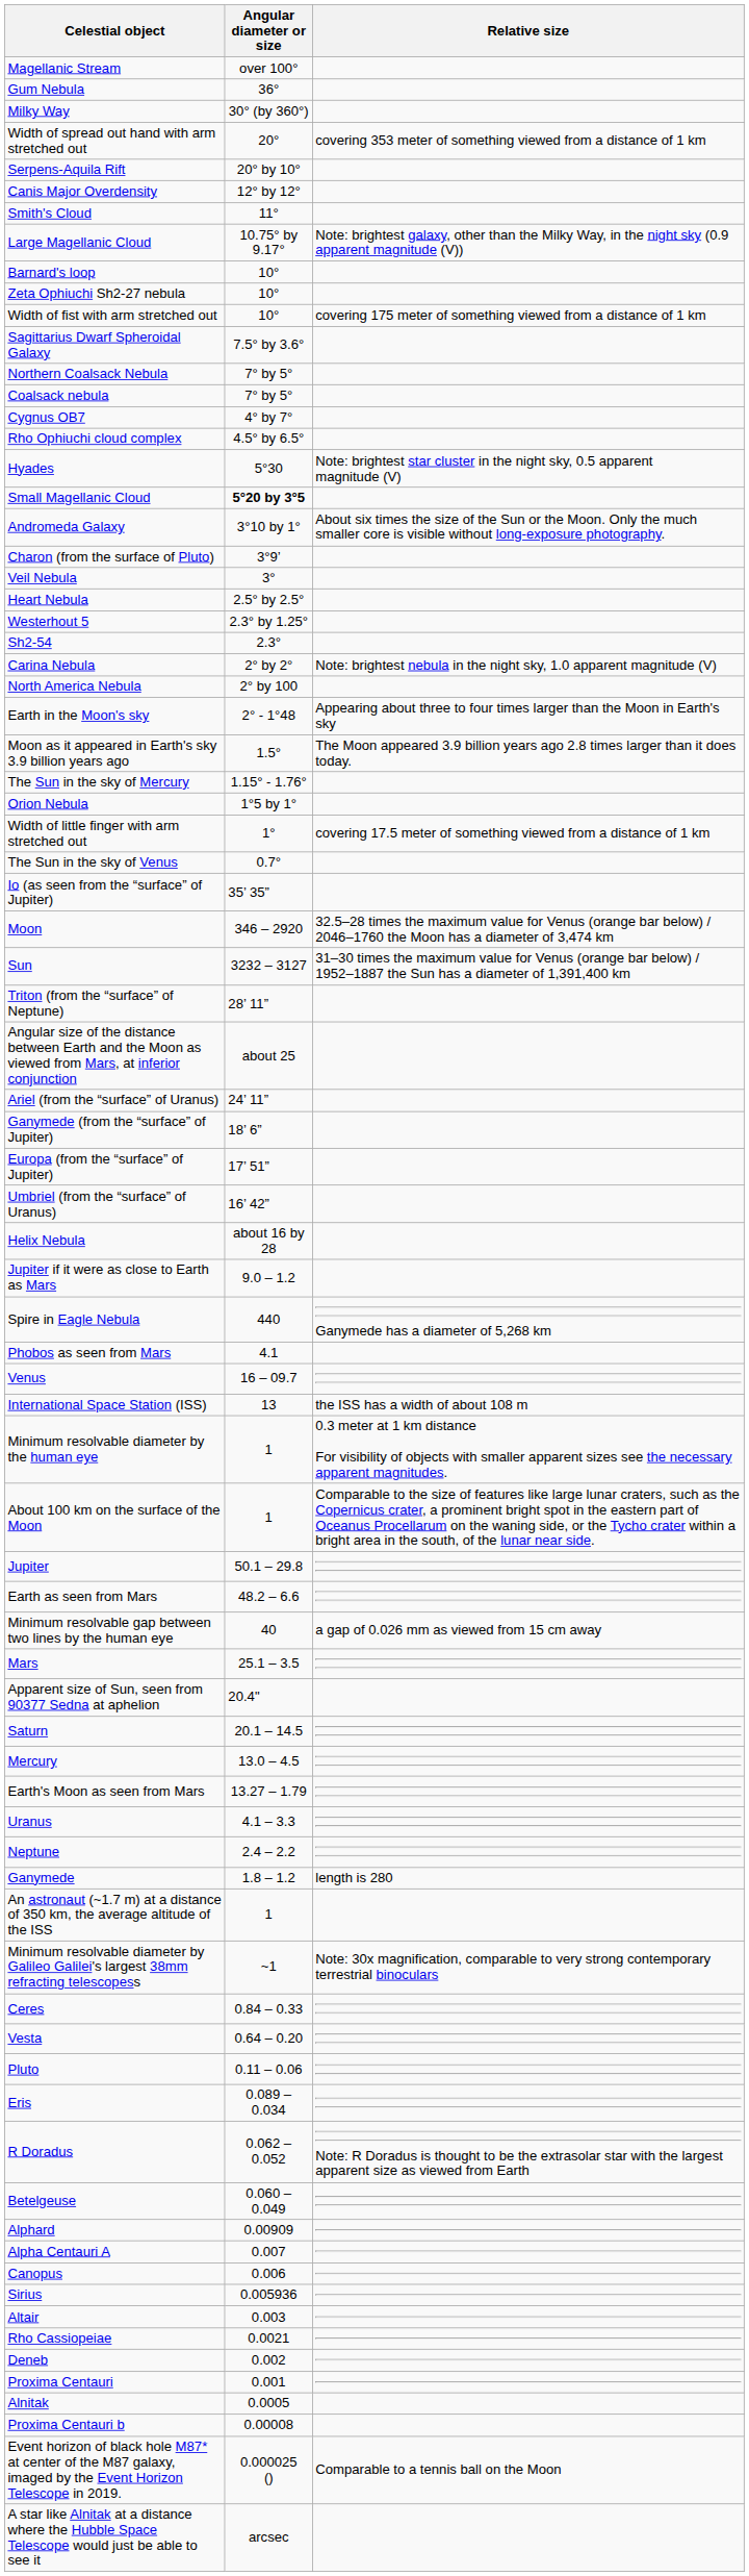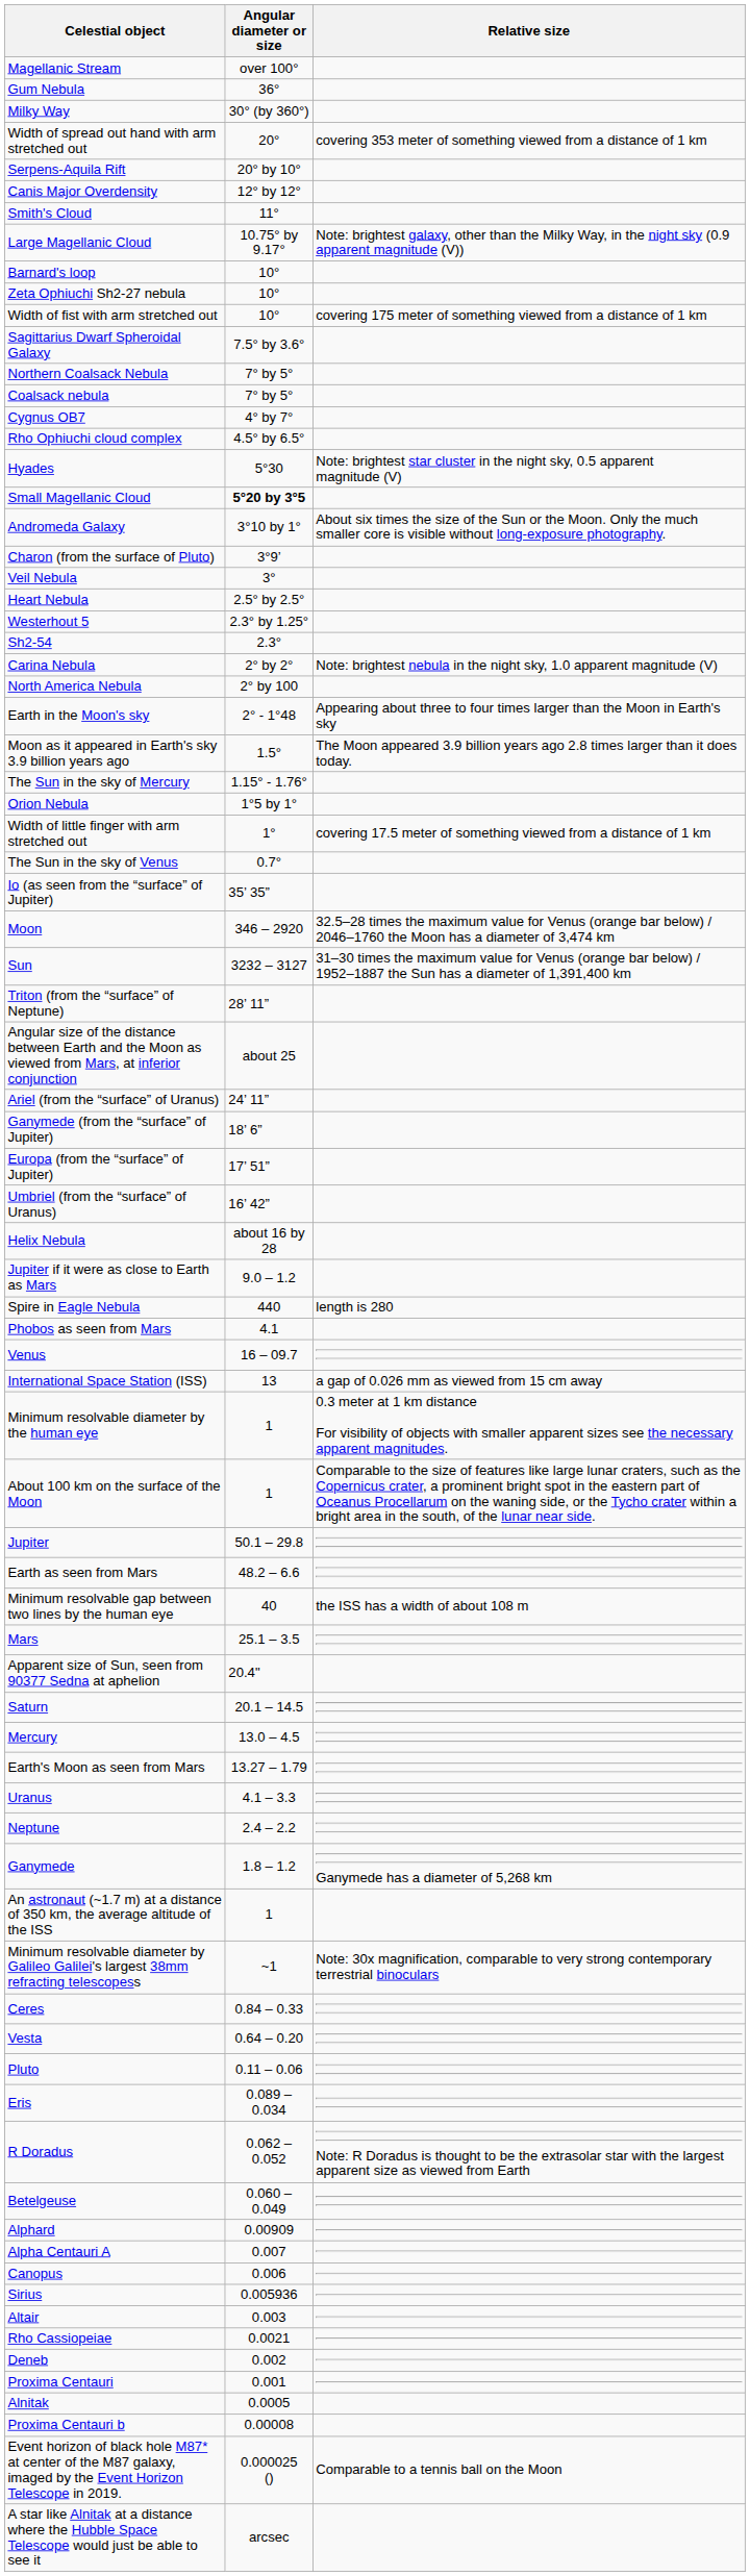 <table class="wikitable">
 <tr>
 <th>Celestial object</th>
 <th>Angular diameter or size</th>
 <th align="left">Relative size</th>
 </tr>
 <tr>
 <td><a href='#'>Magellanic Stream</a></td>
 <td align="center">over 100°</td>
 <td></td>
 </tr>
 <tr>
 <td><a href='#'>Gum Nebula</a></td>
 <td align="center">36°</td>
 <td></td>
 </tr>
 <tr>
 <td><a href='#'>Milky Way</a></td>
 <td align="center">30° (by 360°)</td>
 <td></td>
 </tr>
 <tr>
 <td>Width of spread out hand with arm stretched out</td>
 <td align="center">20°</td>
 <td>covering 353 meter of something viewed from a distance of 1 km</td>
 </tr>
 <tr>
 <td><a href='#'>Serpens-Aquila Rift</a></td>
 <td align="center">20° by 10°</td>
 <td></td>
 </tr>
 <tr>
 <td><a href='#'>Canis Major Overdensity</a></td>
 <td align="center">12° by 12°</td>
 <td></td>
 </tr>
 <tr>
 <td><a href='#'>Smith's Cloud</a></td>
 <td align="center">11°</td>
 <td></td>
 </tr>
 <tr>
 <td><a href='#'>Large Magellanic Cloud</a></td>
 <td align="center">10.75° by 9.17°</td>
 <td>Note: brightest <a href='#'>galaxy</a>, other than the Milky Way, in the <a href='#'>night sky</a> (0.9 <a href='#'>apparent magnitude</a> (V))</td>
 </tr>
 <tr>
 <td><a href='#'>Barnard's loop</a></td>
 <td align="center">10°</td>
 <td></td>
 </tr>
 <tr>
 <td><a href='#'>Zeta Ophiuchi</a> Sh2-27 nebula</td>
 <td align="center">10°</td>
 <td></td>
 </tr>
 <tr>
 <td>Width of fist with arm stretched out</td>
 <td align="center">10°</td>
 <td>covering 175 meter of something viewed from a distance of 1 km</td>
 </tr>
 <tr>
 <td><a href='#'>Sagittarius Dwarf Spheroidal Galaxy</a></td>
 <td align="center">7.5° by 3.6°</td>
 <td></td>
 </tr>
 <tr>
 <td><a href='#'>Northern Coalsack Nebula</a></td>
 <td align="center">7° by 5°</td>
 <td></td>
 </tr>
 <tr>
 <td><a href='#'>Coalsack nebula</a></td>
 <td align="center">7° by 5°</td>
 <td></td>
 </tr>
 <tr>
 <td><a href='#'>Cygnus OB7</a></td>
 <td align="center">4° by 7°</td>
 <td></td>
 </tr>
 <tr>
 <td><a href='#'>Rho Ophiuchi cloud complex</a></td>
 <td align="center">4.5° by 6.5°</td>
 <td></td>
 </tr>
 <tr>
 <td><a href='#'>Hyades</a></td>
 <td align="center">5°30</td>
 <td>Note: brightest <a href='#'>star cluster</a> in the night sky, 0.5 apparent magnitude (V)</td>
 </tr>
 <tr>
 <td><a href='#'>Small Magellanic Cloud</a></td>
 <td align="center"><strong>5°20 by 3°5</strong></td>
 <td></td>
 </tr>
 <tr>
 <td><a href='#'>Andromeda Galaxy</a></td>
 <td align="center">3°10 by 1°</td>
 <td>About six times the size of the Sun or the Moon. Only the much smaller core is visible without <a href='#'>long-exposure photography</a>.</td>
 </tr>
 <tr>
 <td><a href='#'>Charon</a> (from the surface of <a href='#'>Pluto</a>)</td>
 <td align="center">3°9’</td>
 <td></td>
 </tr>
 <tr>
 <td><a href='#'>Veil Nebula</a></td>
 <td align="center">3°</td>
 <td></td>
 </tr>
 <tr>
 <td><a href='#'>Heart Nebula</a></td>
 <td align="center">2.5° by 2.5°</td>
 <td></td>
 </tr>
 <tr>
 <td><a href='#'>Westerhout 5</a></td>
 <td align="center">2.3° by 1.25°</td>
 <td></td>
 </tr>
 <tr>
 <td><a href='#'>Sh2-54</a></td>
 <td align="center">2.3°</td>
 <td></td>
 </tr>
 <tr>
 <td><a href='#'>Carina Nebula</a></td>
 <td align="center">2° by 2°</td>
 <td>Note: brightest <a href='#'>nebula</a> in the night sky, 1.0 apparent magnitude (V)</td>
 </tr>
 <tr>
 <td><a href='#'>North America Nebula</a></td>
 <td align="center">2° by 100</td>
 <td></td>
 </tr>
 <tr>
 <td>Earth in the <a href='#'>Moon's sky</a></td>
 <td align="center">2° - 1°48</td>
 <td>Appearing about three to four times larger than the Moon in Earth's sky</td>
 </tr>
 <tr>
 <td>Moon as it appeared in Earth's sky 3.9 billion years ago</td>
 <td align="center">1.5°</td>
 <td>The Moon appeared 3.9 billion years ago 2.8 times larger than it does today.</td>
 </tr>
 <tr>
 <td>The <a href='#'>Sun</a> in the sky of <a href='#'>Mercury</a></td>
 <td align="center">1.15° - 1.76°</td>
 <td></td>
 </tr>
 <tr>
 <td><a href='#'>Orion Nebula</a></td>
 <td align="center">1°5 by 1°</td>
 <td></td>
 </tr>
 <tr>
 <td>Width of little finger with arm stretched out</td>
 <td align="center">1°</td>
 <td>covering 17.5 meter of something viewed from a distance of 1 km</td>
 </tr>
 <tr>
 <td>The Sun in the sky of <a href='#'>Venus</a></td>
 <td align="center">0.7°</td>
 <td></td>
 </tr>
 <tr>
 <td><a href='#'>Io</a> (as seen from the “surface” of Jupiter)</td>
 <td>35’ 35”</td>
 <td></td>
 </tr>
 <tr>
 <td><a href='#'>Moon</a></td>
 <td align="center">346 – 2920</td>
 <td>32.5–28 times the maximum value for Venus (orange bar below) / 2046–1760 the Moon has a diameter of 3,474 km</td>
 </tr>
 <tr>
 <td><a href='#'>Sun</a></td>
 <td align="center">3232 – 3127</td>
 <td>31–30 times the maximum value for Venus (orange bar below) / 1952–1887 the Sun has a diameter of 1,391,400 km</td>
 </tr>
 <tr>
 <td><a href='#'>Triton</a> (from the “surface” of Neptune)</td>
 <td>28’ 11”</td>
 <td></td>
 </tr>
 <tr>
 <td>Angular size of the distance between Earth and the Moon as viewed from <a href='#'>Mars</a>, at <a href='#'>inferior conjunction</a></td>
 <td align="center">about 25</td>
 <td></td>
 </tr>
 <tr>
 <td><a href='#'>Ariel</a> (from the “surface” of Uranus)</td>
 <td>24’  11”</td>
 <td></td>
 </tr>
 <tr>
 <td><a href='#'>Ganymede</a> (from the “surface” of Jupiter)</td>
 <td>18’ 6”</td>
 <td></td>
 </tr>
 <tr>
 <td><a href='#'>Europa</a> (from the “surface” of Jupiter)</td>
 <td>17’ 51”</td>
 <td></td>
 </tr>
 <tr>
 <td><a href='#'>Umbriel</a> (from the “surface” of Uranus)</td>
 <td>16’ 42”</td>
 <td></td>
 </tr>
 <tr>
 <td><a href='#'>Helix Nebula</a></td>
 <td align="center">about 16 by 28</td>
 <td></td>
 </tr>
 <tr>
 <td><a href='#'>Jupiter</a> if it were as close to Earth as <a href='#'>Mars</a></td>
 <td align="center">9.0 – 1.2</td>
 <td></td>
 </tr>
 <tr>
 <td>Spire in <a href='#'>Eagle Nebula</a></td>
 <td align="center">440</td>
-<td><hr><hr> Ganymede has a diameter of 5,268 km</td>
+<td>length is 280</td>
 </tr>
 <tr>
 <td><a href='#'>Phobos</a> as seen from <a href='#'>Mars</a></td>
 <td align="center">4.1</td>
 <td></td>
 </tr>
 <tr>
 <td><a href='#'>Venus</a></td>
 <td align="center">16 – 09.7</td>
 <td><hr><hr></td>
 </tr>
 <tr>
 <td><a href='#'>International Space Station</a> (ISS)</td>
 <td align="center">13</td>
-<td> the ISS has a width of about 108 m</td>
+<td>a gap of 0.026 mm as viewed from 15 cm away</td>
 </tr>
 <tr>
 <td>Minimum resolvable diameter by the <a href='#'>human eye</a></td>
 <td align="center">1</td>
 <td> 0.3 meter at 1 km distance<br><br> For visibility of objects with smaller apparent sizes see <a href='#'>the necessary apparent magnitudes</a>.</td>
 </tr>
 <tr>
 <td>About 100 km on the surface of the <a href='#'>Moon</a></td>
 <td align="center">1</td>
 <td>Comparable to the size of features like large lunar craters, such as the <a href='#'>Copernicus crater</a>, a prominent bright spot in the eastern part of <a href='#'>Oceanus Procellarum</a> on the waning side, or the <a href='#'>Tycho crater</a> within a bright area in the south, of the <a href='#'>lunar near side</a>.</td>
 </tr>
 <tr>
 <td><a href='#'>Jupiter</a></td>
 <td align="center">50.1 – 29.8</td>
 <td><hr><hr></td>
 </tr>
 <tr>
 <td>Earth as seen from Mars</td>
 <td align="center">48.2 – 6.6</td>
 <td><hr><hr></td>
 </tr>
 <tr>
 <td>Minimum resolvable gap between two lines by the human eye</td>
 <td align="center">40</td>
-<td>a gap of 0.026 mm as viewed from 15 cm away</td>
+<td> the ISS has a width of about 108 m</td>
 </tr>
 <tr>
 <td><a href='#'>Mars</a></td>
 <td align="center">25.1 – 3.5</td>
 <td><hr><hr></td>
 </tr>
 <tr>
 <td>Apparent size of Sun, seen from <a href='#'>90377 Sedna</a> at aphelion</td>
 <td>20.4"</td>
 <td></td>
 </tr>
 <tr>
 <td><a href='#'>Saturn</a></td>
 <td align="center">20.1 – 14.5</td>
 <td><hr><hr></td>
 </tr>
 <tr>
 <td><a href='#'>Mercury</a></td>
 <td align="center">13.0 – 4.5</td>
 <td><hr><hr></td>
 </tr>
 <tr>
 <td>Earth's Moon as seen from Mars</td>
 <td align="center">13.27 – 1.79</td>
 <td><hr><hr></td>
 </tr>
 <tr>
 <td><a href='#'>Uranus</a></td>
 <td align="center">4.1 – 3.3</td>
 <td><hr><hr></td>
 </tr>
 <tr>
 <td><a href='#'>Neptune</a></td>
 <td align="center">2.4 – 2.2</td>
 <td><hr><hr></td>
 </tr>
 <tr>
 <td><a href='#'>Ganymede</a></td>
 <td align="center">1.8 – 1.2</td>
-<td>length is 280</td>
+<td><hr><hr> Ganymede has a diameter of 5,268 km</td>
 </tr>
 <tr>
 <td>An <a href='#'>astronaut</a> (~1.7 m) at a distance of 350 km, the average altitude of the ISS</td>
 <td align="center">1</td>
 <td></td>
 </tr>
 <tr>
 <td>Minimum resolvable diameter by <a href='#'>Galileo Galilei</a>'s largest <a href='#'>38mm refracting telescopes</a>s</td>
 <td align="center">~1</td>
 <td> Note: 30x magnification, comparable to very strong contemporary terrestrial <a href='#'>binoculars</a></td>
 </tr>
 <tr>
 <td><a href='#'>Ceres</a></td>
 <td align="center">0.84 – 0.33</td>
 <td><hr><hr></td>
 </tr>
 <tr>
 <td><a href='#'>Vesta</a></td>
 <td align="center">0.64 – 0.20</td>
 <td><hr><hr></td>
 </tr>
 <tr>
 <td><a href='#'>Pluto</a></td>
 <td align="center">0.11 – 0.06</td>
 <td><hr><hr></td>
 </tr>
 <tr>
 <td><a href='#'>Eris</a></td>
 <td align="center">0.089 – 0.034</td>
 <td><hr><hr></td>
 </tr>
 <tr>
 <td><a href='#'>R Doradus</a></td>
 <td align="center">0.062 – 0.052</td>
 <td><hr><hr>Note: R Doradus is thought to be the extrasolar star with the largest apparent size as viewed from Earth</td>
 </tr>
 <tr>
 <td><a href='#'>Betelgeuse</a></td>
 <td align="center">0.060 – 0.049</td>
 <td><hr><hr></td>
 </tr>
 <tr>
 <td><a href='#'>Alphard</a></td>
 <td align="center">0.00909</td>
 <td><hr></td>
 </tr>
 <tr>
 <td><a href='#'>Alpha Centauri A</a></td>
 <td align="center">0.007</td>
 <td><hr></td>
 </tr>
 <tr>
 <td><a href='#'>Canopus</a></td>
 <td align="center">0.006</td>
 <td><hr></td>
 </tr>
 <tr>
 <td><a href='#'>Sirius</a></td>
 <td align="center">0.005936</td>
 <td><hr></td>
 </tr>
 <tr>
 <td><a href='#'>Altair</a></td>
 <td align="center">0.003</td>
 <td><hr></td>
 </tr>
 <tr>
 <td><a href='#'>Rho Cassiopeiae</a></td>
 <td align="center">0.0021</td>
 <td><hr></td>
 </tr>
 <tr>
 <td><a href='#'>Deneb</a></td>
 <td align="center">0.002</td>
 <td><hr></td>
 </tr>
 <tr>
 <td><a href='#'>Proxima Centauri</a></td>
 <td align="center">0.001</td>
 <td><hr></td>
 </tr>
 <tr>
 <td><a href='#'>Alnitak</a></td>
 <td align="center">0.0005</td>
 <td></td>
 </tr>
 <tr>
 <td><a href='#'>Proxima Centauri b</a></td>
 <td align="center">0.00008</td>
 <td></td>
 </tr>
 <tr>
 <td>Event horizon of black hole <a href='#'>M87*</a> at center of the M87 galaxy, imaged by the <a href='#'>Event Horizon Telescope</a> in 2019.</td>
 <td align="center">0.000025<br>()</td>
 <td>Comparable to a tennis ball on the Moon</td>
 </tr>
 <tr>
 <td>A star like <a href='#'>Alnitak</a> at a distance where the <a href='#'>Hubble Space Telescope</a> would just be able to see it</td>
 <td align="center"> arcsec</td>
 <td></td>
 </tr>
 </table>
